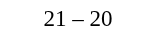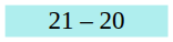 <table style="text-align:center">
 <tr>
 <th width=200></th>
 <th width=100></th>
 <th width=200></th>
 </tr>
 <tr>
 <td align=right><strong></strong></td>
-<td>21 – 20</td>
+<td style="background: paleturquoise;">21 – 20</td>
 <td align=left></td>
 </tr>
 </table>
